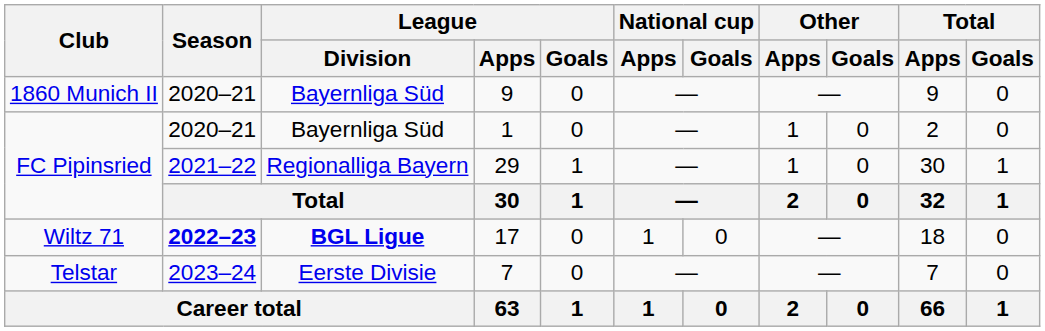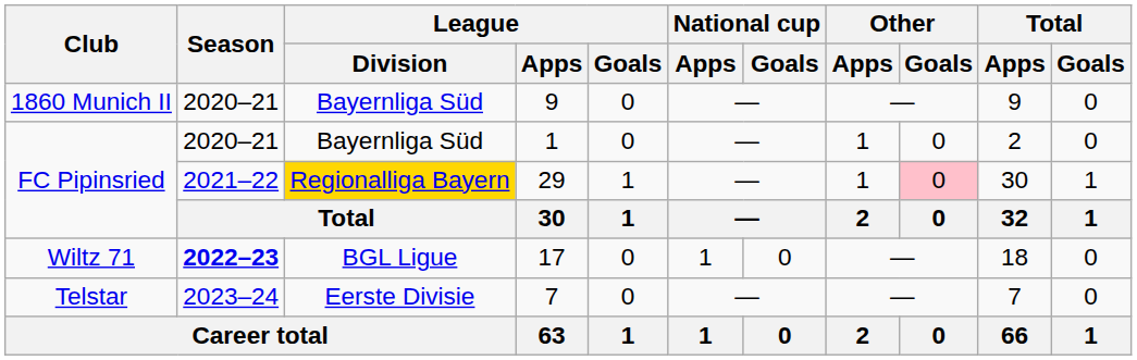 <table class="wikitable" style="text-align:center">
 <tr>
 <th rowspan="2">Club</th>
 <th rowspan="2">Season</th>
 <th colspan="3">League</th>
 <th colspan="2">National cup</th>
 <th colspan="2">Other</th>
 <th colspan="2">Total</th>
 </tr>
 <tr>
 <th>Division</th>
 <th>Apps</th>
 <th>Goals</th>
 <th>Apps</th>
 <th>Goals</th>
 <th>Apps</th>
 <th>Goals</th>
 <th>Apps</th>
 <th>Goals</th>
 </tr>
 <tr>
 <td><a href='#'>1860 Munich II</a></td>
 <td>2020–21</td>
 <td><a href='#'>Bayernliga Süd</a></td>
 <td>9</td>
 <td>0</td>
 <td colspan="2">—</td>
 <td colspan="2">—</td>
 <td>9</td>
 <td>0</td>
 </tr>
 <tr>
 <td rowspan="3"><a href='#'>FC Pipinsried</a></td>
 <td>2020–21</td>
 <td>Bayernliga Süd</td>
 <td>1</td>
 <td>0</td>
 <td colspan="2">—</td>
 <td>1</td>
 <td>0</td>
 <td>2</td>
 <td>0</td>
 </tr>
 <tr>
 <td><a href='#'>2021–22</a></td>
-<td><a href='#'>Regionalliga Bayern</a></td>
+<td style="background: gold;"><a href='#'>Regionalliga Bayern</a></td>
 <td>29</td>
 <td>1</td>
 <td colspan="2">—</td>
 <td>1</td>
-<td>0</td>
+<td style="background: pink;">0</td>
 <td>30</td>
 <td>1</td>
 </tr>
 <tr>
 <th colspan="2">Total</th>
 <th>30</th>
 <th>1</th>
 <th colspan="2">—</th>
 <th>2</th>
 <th>0</th>
 <th>32</th>
 <th>1</th>
 </tr>
 <tr>
 <td><a href='#'>Wiltz 71</a></td>
 <td><strong><a href='#'>2022–23</a></strong></td>
-<td><strong><a href='#'>BGL Ligue</a></strong></td>
+<td><a href='#'>BGL Ligue</a></td>
 <td>17</td>
 <td>0</td>
 <td>1</td>
 <td>0</td>
 <td colspan="2">—</td>
 <td>18</td>
 <td>0</td>
 </tr>
 <tr>
 <td rowspan="1"><a href='#'>Telstar</a></td>
 <td><a href='#'>2023–24</a></td>
 <td><a href='#'>Eerste Divisie</a></td>
 <td>7</td>
 <td>0</td>
 <td colspan="2">—</td>
 <td colspan="2">—</td>
 <td>7</td>
 <td>0</td>
 </tr>
 <tr>
 <th colspan="3">Career total</th>
 <th>63</th>
 <th>1</th>
 <th>1</th>
 <th>0</th>
 <th>2</th>
 <th>0</th>
 <th>66</th>
 <th>1</th>
 </tr>
 </table>
